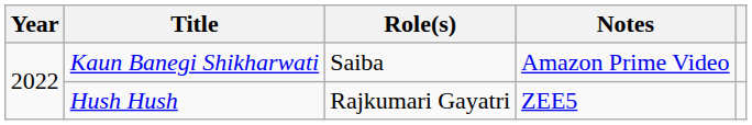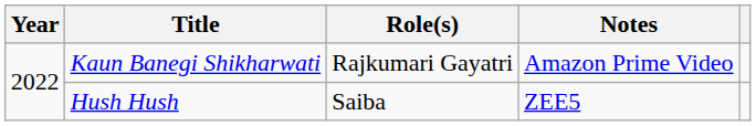 <table class="wikitable sortable">
 <tr>
 <th scope="col">Year</th>
 <th scope="col">Title</th>
 <th scope="col">Role(s)</th>
 <th scope="col" class="unsortable">Notes</th>
 <th scope="col" class="unsortable"></th>
 </tr>
 <tr>
 <td rowspan="2">2022</td>
 <td><em><a href='#'>Kaun Banegi Shikharwati</a></em></td>
-<td>Saiba</td>
+<td>Rajkumari Gayatri</td>
 <td><a href='#'>Amazon Prime Video</a></td>
 <td></td>
 </tr>
 <tr>
 <td><em><a href='#'>Hush Hush</a></em></td>
-<td>Rajkumari Gayatri</td>
+<td>Saiba</td>
 <td><a href='#'>ZEE5</a></td>
 <td></td>
 </tr>
 </table>
